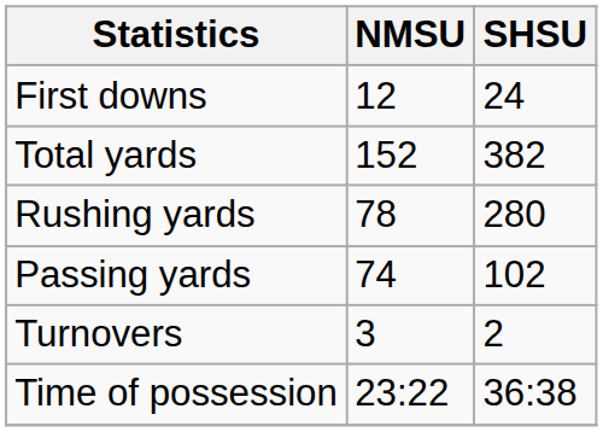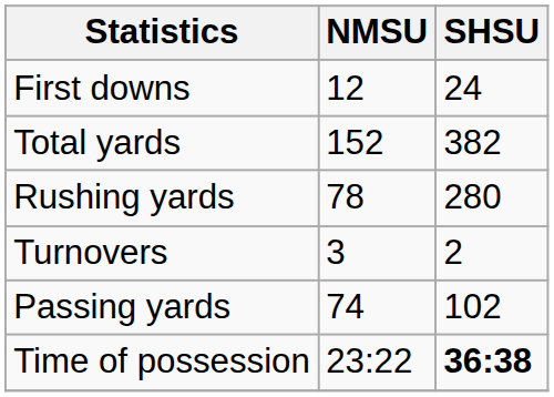 <table class="wikitable" style="float: left;">
 <tr>
 <th>Statistics</th>
 <th>NMSU</th>
 <th>SHSU</th>
 </tr>
 <tr>
 <td>First downs</td>
 <td>12</td>
 <td>24</td>
 </tr>
 <tr>
 <td>Total yards</td>
 <td>152</td>
 <td>382</td>
 </tr>
 <tr>
 <td>Rushing yards</td>
 <td>78</td>
 <td>280</td>
 </tr>
 <tr>
+<td>Turnovers</td>
+<td>3</td>
+<td>2</td>
+</tr>
+<tr>
 <td>Passing yards</td>
 <td>74</td>
 <td>102</td>
 </tr>
 <tr>
-<td>Turnovers</td>
-<td>3</td>
-<td>2</td>
-</tr>
-<tr>
 <td>Time of possession</td>
 <td>23:22</td>
-<td>36:38</td>
+<td><strong>36:38</strong></td>
 </tr>
 <tr>
 </tr>
 </table>
